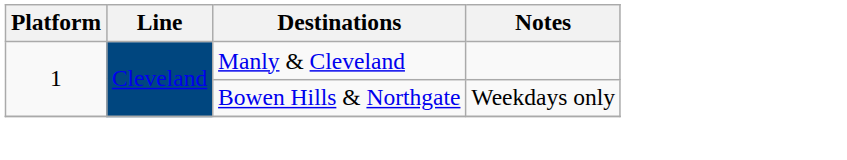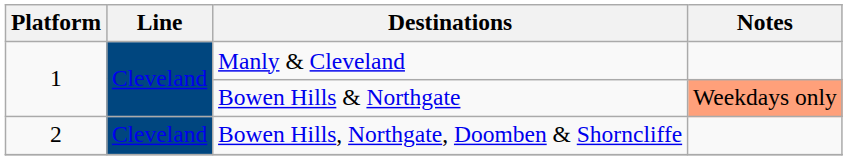 <table class="wikitable" style="float: none; margin: 0.5em; ">
 <tr>
 <th>Platform</th>
 <th>Line</th>
 <th>Destinations</th>
 <th>Notes</th>
 </tr>
 <tr>
 <td rowspan="2" style="text-align:center;">1</td>
 <td rowspan="2" style=background:#00467f><a href='#'><span>Cleveland</span></a></td>
 <td><a href='#'>Manly</a> & <a href='#'>Cleveland</a></td>
 <td></td>
 </tr>
 <tr>
 <td><a href='#'>Bowen Hills</a> & <a href='#'>Northgate</a></td>
-<td>Weekdays only</td>
+<td style="background: lightsalmon;">Weekdays only</td>
+</tr>
+<tr>
+<td rowspan="1" style="text-align:center;">2</td>
+<td style=background:#00467f><a href='#'><span>Cleveland</span></a></td>
+<td><a href='#'>Bowen Hills</a>, <a href='#'>Northgate</a>, <a href='#'>Doomben</a> & <a href='#'>Shorncliffe</a></td>
+<td></td>
 </tr>
 <tr>
 </tr>
 </table>
